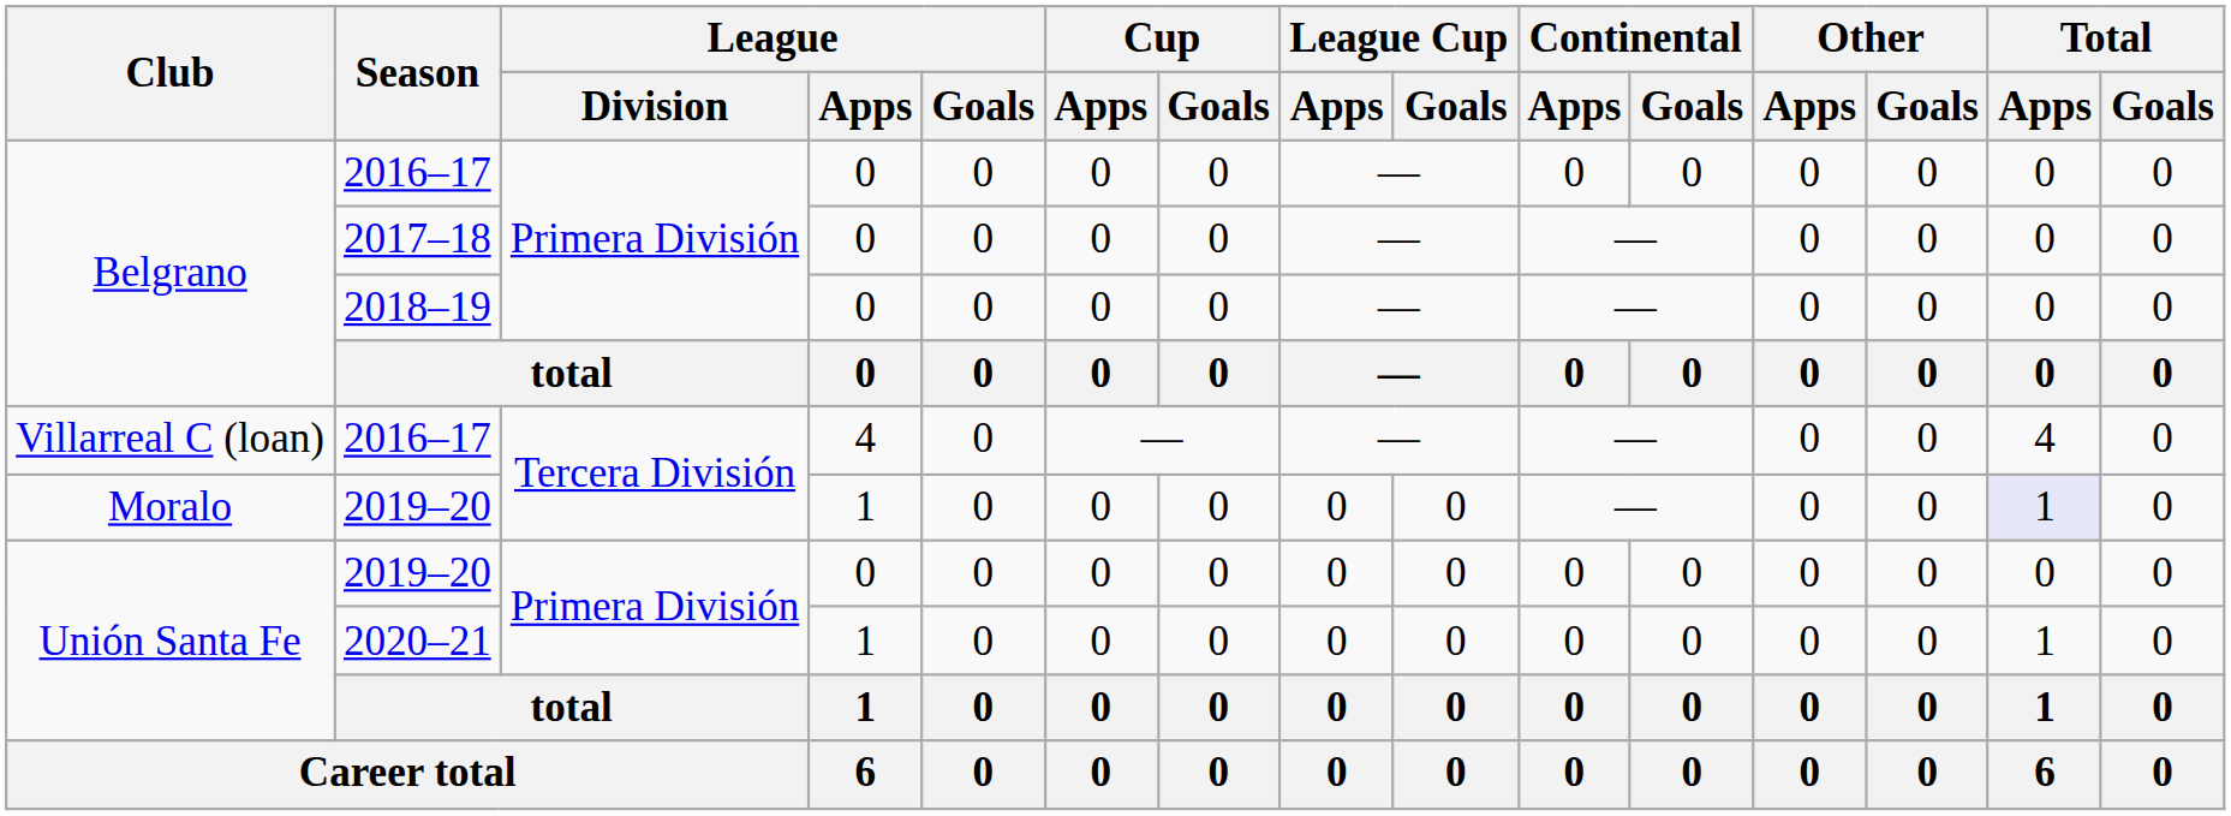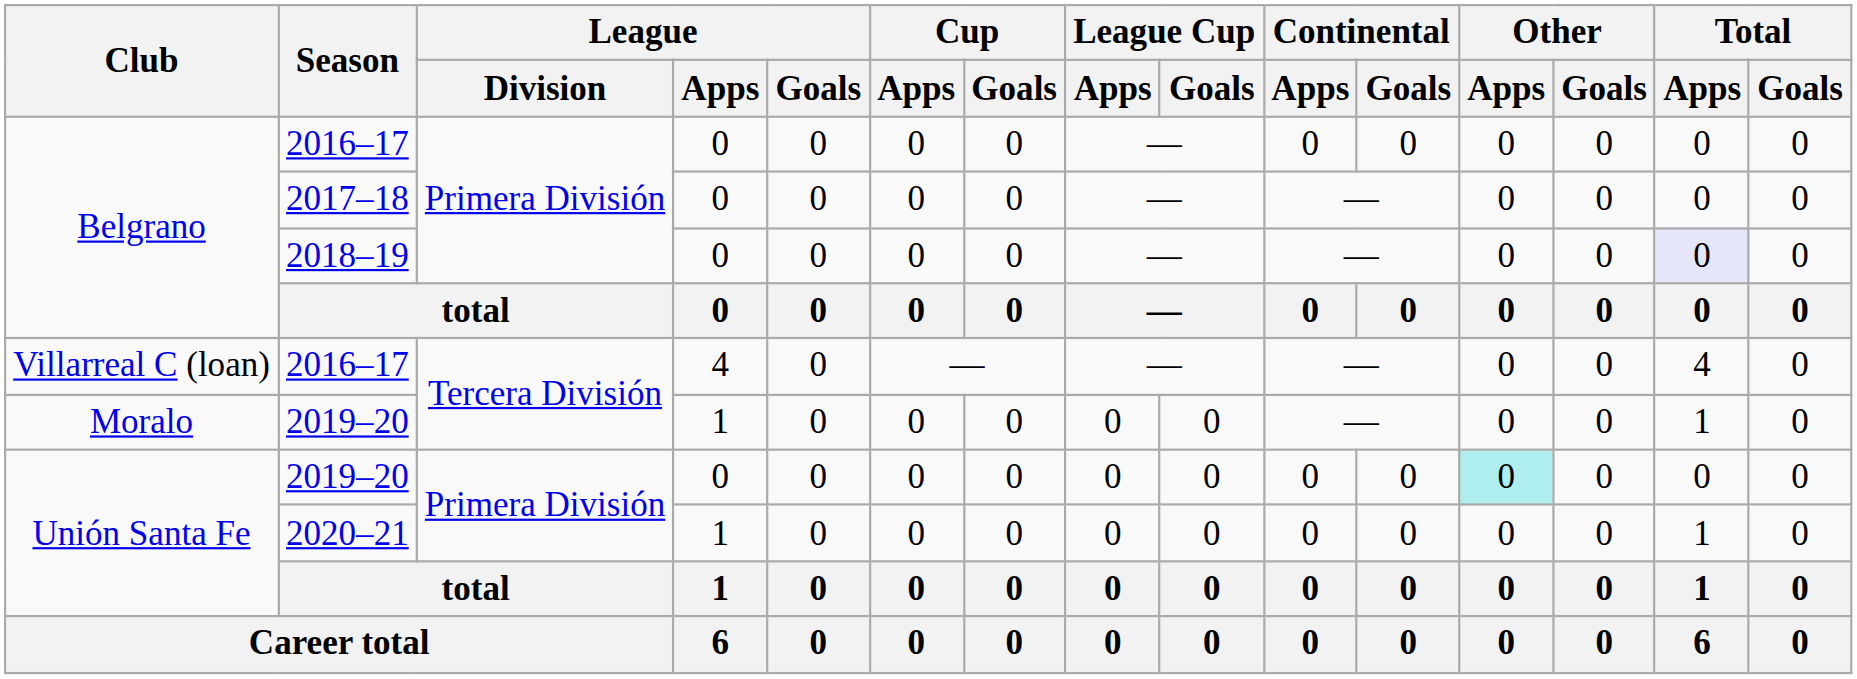 <table class="wikitable" style="text-align:center">
 <tr>
 <th rowspan="2">Club</th>
 <th rowspan="2">Season</th>
 <th colspan="3">League</th>
 <th colspan="2">Cup</th>
 <th colspan="2">League Cup</th>
 <th colspan="2">Continental</th>
 <th colspan="2">Other</th>
 <th colspan="2">Total</th>
 </tr>
 <tr>
 <th>Division</th>
 <th>Apps</th>
 <th>Goals</th>
 <th>Apps</th>
 <th>Goals</th>
 <th>Apps</th>
 <th>Goals</th>
 <th>Apps</th>
 <th>Goals</th>
 <th>Apps</th>
 <th>Goals</th>
 <th>Apps</th>
 <th>Goals</th>
 </tr>
 <tr>
 <td rowspan="4"><a href='#'>Belgrano</a></td>
 <td><a href='#'>2016–17</a></td>
 <td rowspan="3"><a href='#'>Primera División</a></td>
 <td>0</td>
 <td>0</td>
 <td>0</td>
 <td>0</td>
 <td colspan="2">—</td>
 <td>0</td>
 <td>0</td>
 <td>0</td>
 <td>0</td>
 <td>0</td>
 <td>0</td>
 </tr>
 <tr>
 <td><a href='#'>2017–18</a></td>
 <td>0</td>
 <td>0</td>
 <td>0</td>
 <td>0</td>
 <td colspan="2">—</td>
 <td colspan="2">—</td>
 <td>0</td>
 <td>0</td>
 <td>0</td>
 <td>0</td>
 </tr>
 <tr>
 <td><a href='#'>2018–19</a></td>
 <td>0</td>
 <td>0</td>
 <td>0</td>
 <td>0</td>
 <td colspan="2">—</td>
 <td colspan="2">—</td>
 <td>0</td>
 <td>0</td>
-<td>0</td>
+<td style="background: lavender;">0</td>
 <td>0</td>
 </tr>
 <tr>
 <th colspan="2">total</th>
 <th>0</th>
 <th>0</th>
 <th>0</th>
 <th>0</th>
 <th colspan="2">—</th>
 <th>0</th>
 <th>0</th>
 <th>0</th>
 <th>0</th>
 <th>0</th>
 <th>0</th>
 </tr>
 <tr>
 <td rowspan="1"><a href='#'>Villarreal C</a> (loan)</td>
 <td><a href='#'>2016–17</a></td>
 <td rowspan="2"><a href='#'>Tercera División</a></td>
 <td>4</td>
 <td>0</td>
 <td colspan="2">—</td>
 <td colspan="2">—</td>
 <td colspan="2">—</td>
 <td>0</td>
 <td>0</td>
 <td>4</td>
 <td>0</td>
 </tr>
 <tr>
 <td rowspan="1"><a href='#'>Moralo</a></td>
 <td><a href='#'>2019–20</a></td>
 <td>1</td>
 <td>0</td>
 <td>0</td>
 <td>0</td>
 <td>0</td>
 <td>0</td>
 <td colspan="2">—</td>
 <td>0</td>
 <td>0</td>
-<td style="background: lavender;">1</td>
+<td>1</td>
 <td>0</td>
 </tr>
 <tr>
 <td rowspan="3"><a href='#'>Unión Santa Fe</a></td>
 <td><a href='#'>2019–20</a></td>
 <td rowspan="2"><a href='#'>Primera División</a></td>
 <td>0</td>
 <td>0</td>
 <td>0</td>
 <td>0</td>
 <td>0</td>
 <td>0</td>
 <td>0</td>
 <td>0</td>
-<td>0</td>
+<td style="background: paleturquoise;">0</td>
 <td>0</td>
 <td>0</td>
 <td>0</td>
 </tr>
 <tr>
 <td><a href='#'>2020–21</a></td>
 <td>1</td>
 <td>0</td>
 <td>0</td>
 <td>0</td>
 <td>0</td>
 <td>0</td>
 <td>0</td>
 <td>0</td>
 <td>0</td>
 <td>0</td>
 <td>1</td>
 <td>0</td>
 </tr>
 <tr>
 <th colspan="2">total</th>
 <th>1</th>
 <th>0</th>
 <th>0</th>
 <th>0</th>
 <th>0</th>
 <th>0</th>
 <th>0</th>
 <th>0</th>
 <th>0</th>
 <th>0</th>
 <th>1</th>
 <th>0</th>
 </tr>
 <tr>
 <th colspan="3">Career total</th>
 <th>6</th>
 <th>0</th>
 <th>0</th>
 <th>0</th>
 <th>0</th>
 <th>0</th>
 <th>0</th>
 <th>0</th>
 <th>0</th>
 <th>0</th>
 <th>6</th>
 <th>0</th>
 </tr>
 </table>
